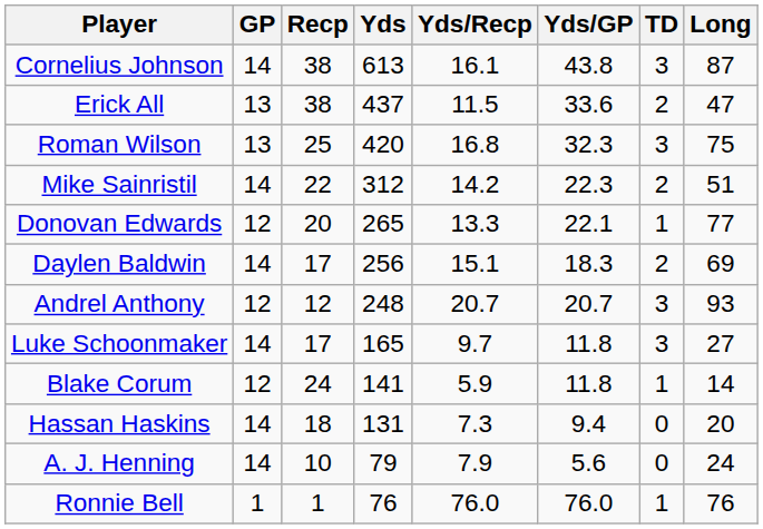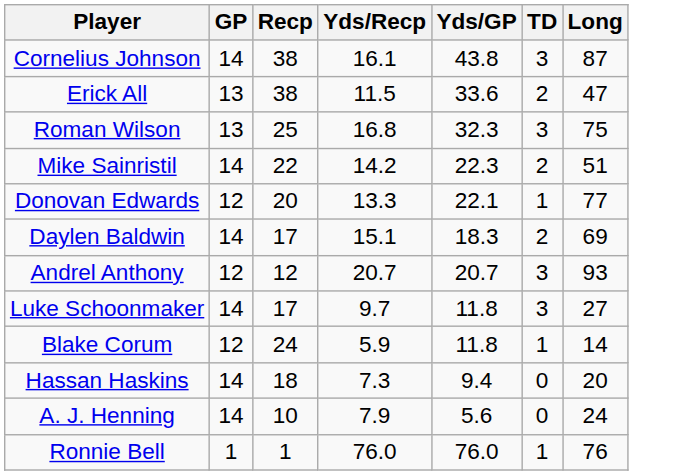 <table class="wikitable sortable sortable" style="text-align: center">
 <tr align=center>
 <th>Player</th>
 <th>GP</th>
 <th>Recp</th>
-<th>Yds</th>
 <th>Yds/Recp</th>
 <th>Yds/GP</th>
 <th>TD</th>
 <th>Long</th>
 </tr>
 <tr>
 <td><a href='#'>Cornelius Johnson</a></td>
 <td>14</td>
 <td>38</td>
-<td>613</td>
 <td>16.1</td>
 <td>43.8</td>
 <td>3</td>
 <td>87</td>
 </tr>
 <tr>
 <td><a href='#'>Erick All</a></td>
 <td>13</td>
 <td>38</td>
-<td>437</td>
 <td>11.5</td>
 <td>33.6</td>
 <td>2</td>
 <td>47</td>
 </tr>
 <tr>
 <td><a href='#'>Roman Wilson</a></td>
 <td>13</td>
 <td>25</td>
-<td>420</td>
 <td>16.8</td>
 <td>32.3</td>
 <td>3</td>
 <td>75</td>
 </tr>
 <tr>
 <td><a href='#'>Mike Sainristil</a></td>
 <td>14</td>
 <td>22</td>
-<td>312</td>
 <td>14.2</td>
 <td>22.3</td>
 <td>2</td>
 <td>51</td>
 </tr>
 <tr>
 <td><a href='#'>Donovan Edwards</a></td>
 <td>12</td>
 <td>20</td>
-<td>265</td>
 <td>13.3</td>
 <td>22.1</td>
 <td>1</td>
 <td>77</td>
 </tr>
 <tr>
 <td><a href='#'>Daylen Baldwin</a></td>
 <td>14</td>
 <td>17</td>
-<td>256</td>
 <td>15.1</td>
 <td>18.3</td>
 <td>2</td>
 <td>69</td>
 </tr>
 <tr>
 <td><a href='#'>Andrel Anthony</a></td>
 <td>12</td>
 <td>12</td>
-<td>248</td>
 <td>20.7</td>
 <td>20.7</td>
 <td>3</td>
 <td>93</td>
 </tr>
 <tr>
 <td><a href='#'>Luke Schoonmaker</a></td>
 <td>14</td>
 <td>17</td>
-<td>165</td>
 <td>9.7</td>
 <td>11.8</td>
 <td>3</td>
 <td>27</td>
 </tr>
 <tr>
 <td><a href='#'>Blake Corum</a></td>
 <td>12</td>
 <td>24</td>
-<td>141</td>
 <td>5.9</td>
 <td>11.8</td>
 <td>1</td>
 <td>14</td>
 </tr>
 <tr>
 <td><a href='#'>Hassan Haskins</a></td>
 <td>14</td>
 <td>18</td>
-<td>131</td>
 <td>7.3</td>
 <td>9.4</td>
 <td>0</td>
 <td>20</td>
 </tr>
 <tr>
 <td><a href='#'>A. J. Henning</a></td>
 <td>14</td>
 <td>10</td>
-<td>79</td>
 <td>7.9</td>
 <td>5.6</td>
 <td>0</td>
 <td>24</td>
 </tr>
 <tr>
 <td><a href='#'>Ronnie Bell</a></td>
 <td>1</td>
 <td>1</td>
-<td>76</td>
 <td>76.0</td>
 <td>76.0</td>
 <td>1</td>
 <td>76</td>
 </tr>
 </table>
